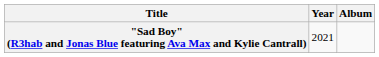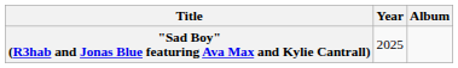 <table class="wikitable plainrowheaders" style="text-align:center">
 <tr>
 <th scope="col">Title</th>
 <th scope="col">Year</th>
 <th scope="col">Album</th>
 </tr>
 <tr>
 <th scope="row">"Sad Boy"<br><span>(<a href='#'>R3hab</a> and <a href='#'>Jonas Blue</a> featuring <a href='#'>Ava Max</a> and Kylie Cantrall)</span></th>
-<td>2021</td>
+<td>2025</td>
 <td></td>
 </tr>
 </table>
